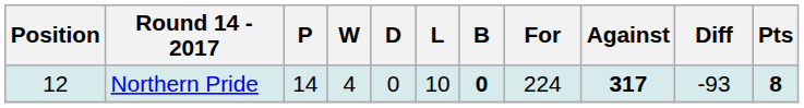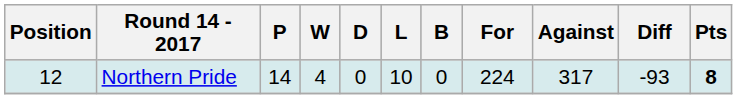 <table class="wikitable" style="text-align:center; font-size:85%;">
 <tr>
 <th width=40 abbr="Position">Position</th>
 <th width=100>Round 14 - 2017</th>
 <th width=20 abbr="Played">P</th>
 <th width=20 abbr="Won">W</th>
 <th width=20 abbr="Drawn">D</th>
 <th width=20 abbr="Lost">L</th>
 <th width=20 abbr="Bye">B</th>
 <th width=40 abbr="Points for">For</th>
 <th width=40 abbr="Points against">Against</th>
 <th width=40 abbr="Points difference">Diff</th>
 <th width=20 abbr="Points">Pts</th>
 </tr>
 <tr style="background: #d7ebed;">
 <td>12</td>
 <td style="text-align:left;"> <a href='#'>Northern Pride</a></td>
 <td>14</td>
 <td>4</td>
 <td>0</td>
 <td>10</td>
-<td><strong>0</strong></td>
+<td>0</td>
 <td>224</td>
-<td><strong>317</strong></td>
+<td>317</td>
 <td>-93</td>
 <td><strong>8</strong></td>
 </tr>
 <tr>
 </tr>
 </table>
